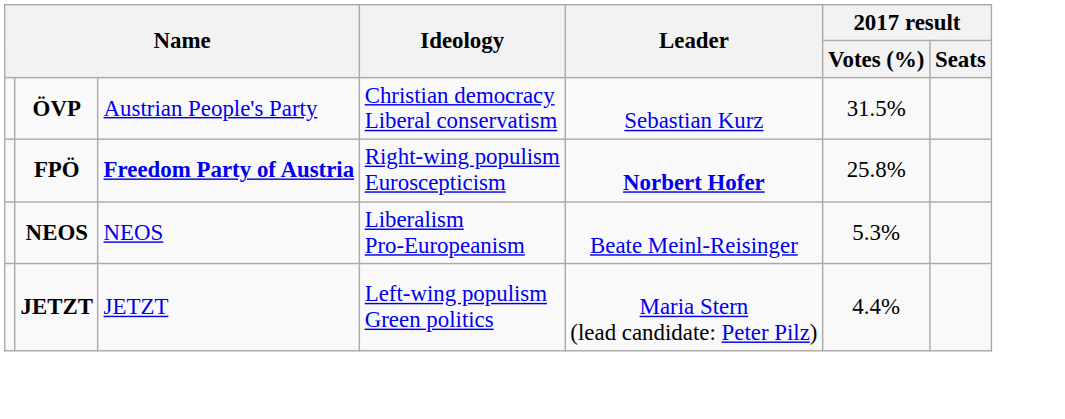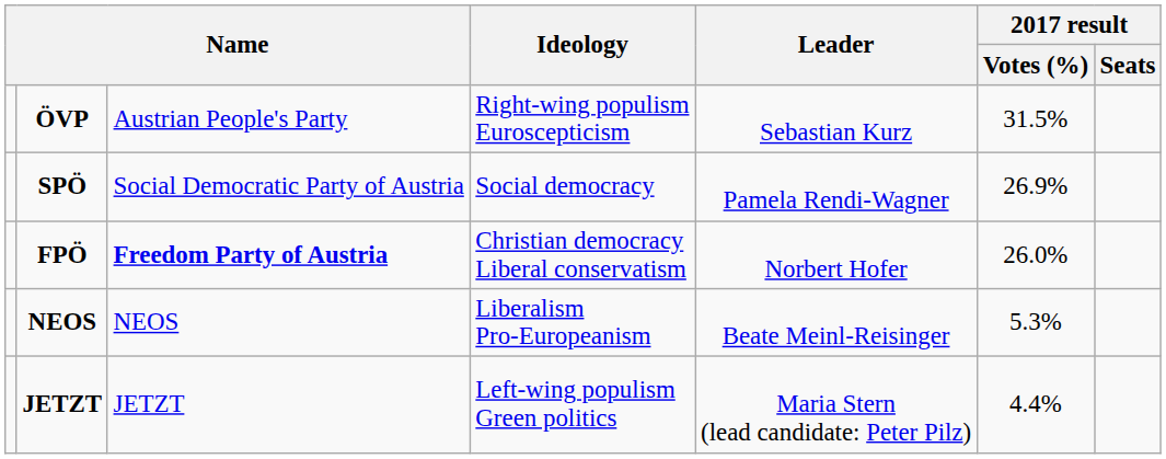 <table class=wikitable>
 <tr>
 <th rowspan=2 colspan=3>Name</th>
 <th rowspan=2>Ideology</th>
 <th rowspan=2>Leader</th>
 <th colspan=2>2017 result</th>
 </tr>
 <tr>
 <th>Votes (%)</th>
 <th>Seats</th>
 </tr>
 <tr>
 <td style="background:"></td>
 <td style="text-align:center;"><strong>ÖVP</strong></td>
 <td><a href='#'>Austrian People's Party</a><br></td>
-<td><a href='#'>Christian democracy</a><br><a href='#'>Liberal conservatism</a></td>
+<td><a href='#'>Right-wing populism</a><br><a href='#'>Euroscepticism</a></td>
 <td align=center><br><a href='#'>Sebastian Kurz</a></td>
 <td style="text-align:center;">31.5%</td>
 <td></td>
 </tr>
 <tr>
 <td style="background:"></td>
+<td style="text-align:center;"><strong>SPÖ</strong></td>
+<td><a href='#'>Social Democratic Party of Austria</a><br></td>
+<td><a href='#'>Social democracy</a></td>
+<td align=center><br><a href='#'>Pamela Rendi-Wagner</a></td>
+<td style="text-align:center;">26.9%</td>
+<td></td>
+</tr>
+<tr>
+<td style="background:"></td>
 <td style="text-align:center;"><strong>FPÖ</strong></td>
 <td><strong><a href='#'>Freedom Party of Austria</a><br></strong></td>
-<td><a href='#'>Right-wing populism</a><br><a href='#'>Euroscepticism</a></td>
-<td align=center><strong><br><a href='#'>Norbert Hofer</a></strong></td>
-<td style="text-align:center;">25.8%</td>
+<td><a href='#'>Christian democracy</a><br><a href='#'>Liberal conservatism</a></td>
+<td align=center><br><a href='#'>Norbert Hofer</a></td>
+<td style="text-align:center;">26.0%</td>
 <td></td>
 </tr>
 <tr>
 <td style="background:"></td>
 <td style="text-align:center;"><strong>NEOS</strong></td>
 <td><a href='#'>NEOS</a></td>
 <td><a href='#'>Liberalism</a><br><a href='#'>Pro-Europeanism</a></td>
 <td align=center><br><a href='#'>Beate Meinl-Reisinger</a></td>
 <td style="text-align:center;">5.3%</td>
 <td></td>
 </tr>
 <tr>
 <td style="background:"></td>
 <td style="text-align:center;"><strong>JETZT</strong></td>
 <td><a href='#'>JETZT</a><br></td>
 <td><a href='#'>Left-wing populism</a><br><a href='#'>Green politics</a></td>
 <td align=center><br><a href='#'>Maria Stern</a><br>(lead candidate: <a href='#'>Peter Pilz</a>)</td>
 <td style="text-align:center;">4.4%</td>
 <td></td>
 </tr>
 </table>
